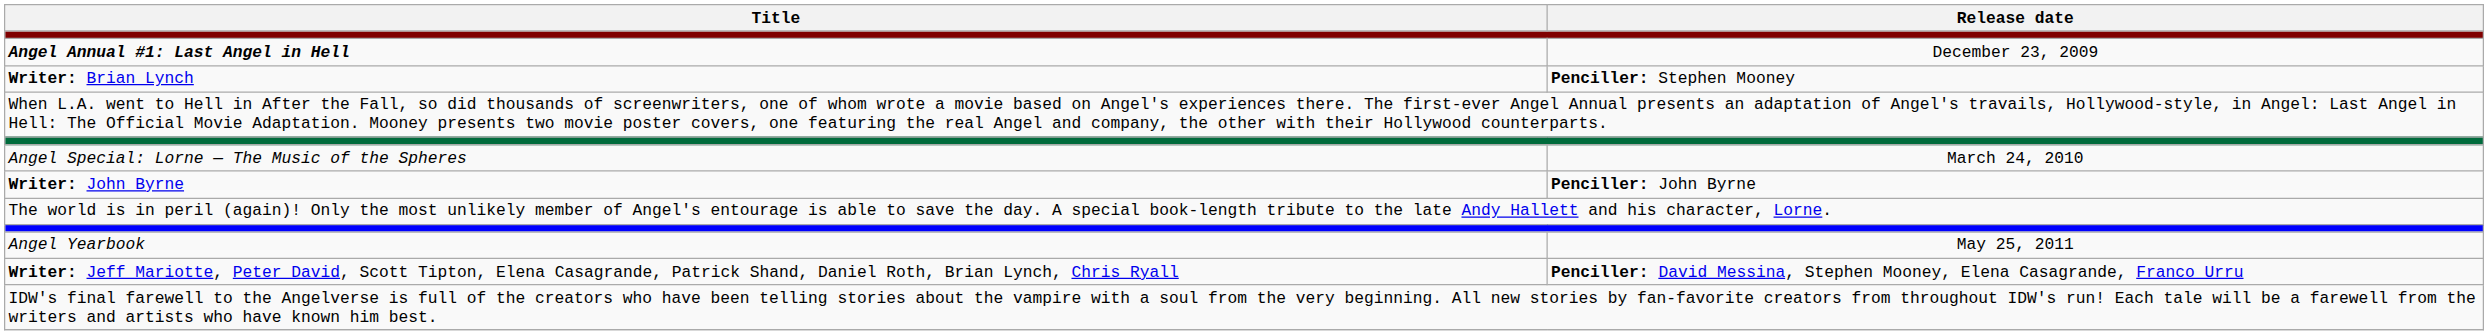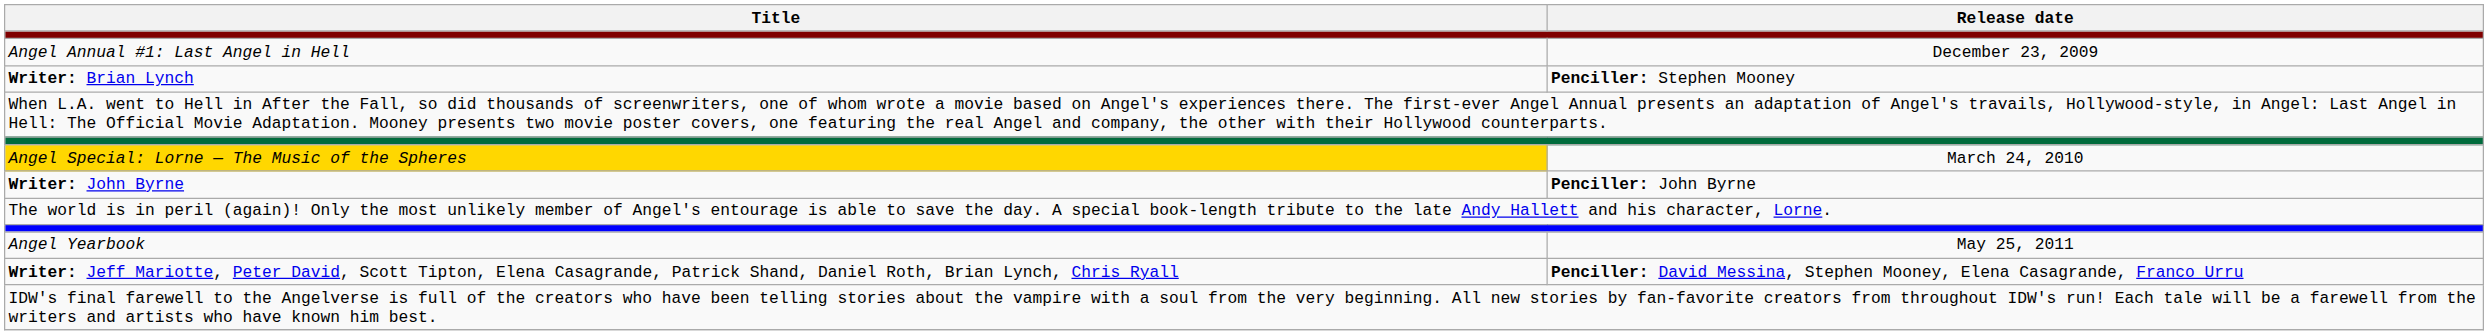 <table class="wikitable mw-collapsible mw-collapsed" style="width:100%;">
 <tr>
 <th>Title</th>
 <th>Release date</th>
 </tr>
 <tr>
 <td colspan="6" style="background:maroon;"></td>
 </tr>
 <tr>
-<td><strong><em>Angel Annual #1: Last Angel in Hell</em></strong></td>
+<td><em>Angel Annual #1: Last Angel in Hell</em></td>
 <td style="text-align:center;">December 23, 2009</td>
 </tr>
 <tr>
 <td><strong>Writer:</strong> <a href='#'>Brian Lynch</a></td>
 <td><strong>Penciller:</strong> Stephen Mooney</td>
 </tr>
 <tr>
 <td colspan="6">When L.A. went to Hell in After the Fall, so did thousands of screenwriters, one of whom wrote a movie based on Angel's experiences there. The first-ever Angel Annual presents an adaptation of Angel's travails, Hollywood-style, in Angel: Last Angel in Hell: The Official Movie Adaptation. Mooney presents two movie poster covers, one featuring the real Angel and company, the other with their Hollywood counterparts.</td>
 </tr>
 <tr>
 <td colspan="6" style="background:#006b3c;"></td>
 </tr>
 <tr>
-<td><em>Angel Special: Lorne — The Music of the Spheres</em></td>
+<td style="background: gold;"><em>Angel Special: Lorne — The Music of the Spheres</em></td>
 <td style="text-align:center;">March 24, 2010</td>
 </tr>
 <tr>
 <td><strong>Writer:</strong> <a href='#'>John Byrne</a></td>
 <td><strong>Penciller:</strong> John Byrne</td>
 </tr>
 <tr>
 <td colspan="6">The world is in peril (again)! Only the most unlikely member of Angel's entourage is able to save the day. A special book-length tribute to the late <a href='#'>Andy Hallett</a> and his character, <a href='#'>Lorne</a>.</td>
 </tr>
 <tr>
 <td colspan="6" style="background:blue;"></td>
 </tr>
 <tr>
 <td><em>Angel Yearbook</em></td>
 <td style="text-align:center;">May 25, 2011</td>
 </tr>
 <tr>
 <td><strong>Writer:</strong> <a href='#'>Jeff Mariotte</a>, <a href='#'>Peter David</a>, Scott Tipton, Elena Casagrande, Patrick Shand, Daniel Roth, Brian Lynch, <a href='#'>Chris Ryall</a></td>
 <td><strong>Penciller:</strong> <a href='#'>David Messina</a>, Stephen Mooney, Elena Casagrande, <a href='#'>Franco Urru</a></td>
 </tr>
 <tr>
 <td colspan="6">IDW's final farewell to the Angelverse is full of the creators who have been telling stories about the vampire with a soul from the very beginning. All new stories by fan-favorite creators from throughout IDW's run! Each tale will be a farewell from the writers and artists who have known him best.</td>
 </tr>
 <tr>
 </tr>
 </table>
